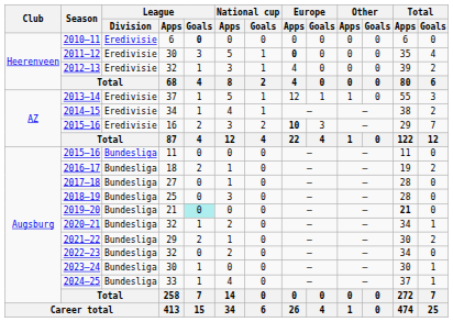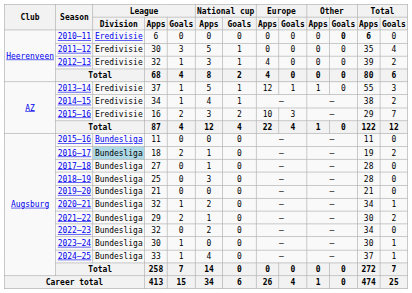 <table class="wikitable" style="text-align:center">
 <tr>
 <th rowspan="2">Club</th>
 <th rowspan="2">Season</th>
 <th colspan="3">League</th>
 <th colspan="2">National cup</th>
 <th colspan="2">Europe</th>
 <th colspan="2">Other</th>
 <th colspan="2">Total</th>
 </tr>
 <tr>
 <th>Division</th>
 <th>Apps</th>
 <th>Goals</th>
 <th>Apps</th>
 <th>Goals</th>
 <th>Apps</th>
 <th>Goals</th>
 <th>Apps</th>
 <th>Goals</th>
 <th>Apps</th>
 <th>Goals</th>
 </tr>
 <tr>
 <td rowspan="4"><a href='#'>Heerenveen</a></td>
 <td><a href='#'>2010–11</a></td>
 <td><a href='#'>Eredivisie</a></td>
 <td>6</td>
-<td><strong>0</strong></td>
 <td>0</td>
 <td>0</td>
 <td>0</td>
 <td>0</td>
 <td>0</td>
 <td>0</td>
-<td>6</td>
+<td><strong>0</strong></td>
+<td><strong>6</strong></td>
 <td>0</td>
 </tr>
 <tr>
 <td><a href='#'>2011–12</a></td>
 <td>Eredivisie</td>
 <td>30</td>
 <td>3</td>
 <td>5</td>
 <td>1</td>
-<td><strong>0</strong></td>
+<td>0</td>
 <td>0</td>
 <td>0</td>
 <td>0</td>
 <td>35</td>
 <td>4</td>
 </tr>
 <tr>
 <td><a href='#'>2012–13</a></td>
 <td>Eredivisie</td>
 <td>32</td>
 <td>1</td>
 <td>3</td>
 <td>1</td>
 <td>4</td>
 <td>0</td>
 <td>0</td>
 <td>0</td>
 <td>39</td>
 <td>2</td>
 </tr>
 <tr>
 <th colspan="2">Total</th>
 <th>68</th>
 <th>4</th>
 <th>8</th>
 <th>2</th>
 <th>4</th>
 <th>0</th>
 <th>0</th>
 <th>0</th>
 <th>80</th>
 <th>6</th>
 </tr>
 <tr>
 <td rowspan="4"><a href='#'>AZ</a></td>
 <td><a href='#'>2013–14</a></td>
 <td>Eredivisie</td>
 <td>37</td>
 <td>1</td>
 <td>5</td>
 <td>1</td>
 <td>12</td>
 <td>1</td>
 <td>1</td>
 <td>0</td>
 <td>55</td>
 <td>3</td>
 </tr>
 <tr>
 <td><a href='#'>2014–15</a></td>
 <td>Eredivisie</td>
 <td>34</td>
 <td>1</td>
 <td>4</td>
 <td>1</td>
 <td colspan="2">—</td>
 <td colspan="2">—</td>
 <td>38</td>
 <td>2</td>
 </tr>
 <tr>
 <td><a href='#'>2015–16</a></td>
 <td>Eredivisie</td>
 <td>16</td>
 <td>2</td>
 <td>3</td>
 <td>2</td>
-<td><strong>10</strong></td>
+<td>10</td>
 <td>3</td>
 <td colspan="2">—</td>
 <td>29</td>
 <td>7</td>
 </tr>
 <tr>
 <th colspan="2">Total</th>
 <th>87</th>
 <th>4</th>
 <th>12</th>
 <th>4</th>
 <th>22</th>
 <th>4</th>
 <th>1</th>
 <th>0</th>
 <th>122</th>
 <th>12</th>
 </tr>
 <tr>
 <td rowspan="11"><a href='#'>Augsburg</a></td>
 <td><a href='#'>2015–16</a></td>
 <td><a href='#'>Bundesliga</a></td>
 <td>11</td>
 <td>0</td>
 <td>0</td>
 <td>0</td>
 <td colspan="2">—</td>
 <td colspan="2">—</td>
 <td>11</td>
 <td>0</td>
 </tr>
 <tr>
 <td><a href='#'>2016–17</a></td>
-<td>Bundesliga</td>
+<td style="background: lightblue;">Bundesliga</td>
 <td>18</td>
 <td>2</td>
 <td>1</td>
 <td>0</td>
 <td colspan="2">—</td>
 <td colspan="2">—</td>
 <td>19</td>
 <td>2</td>
 </tr>
 <tr>
 <td><a href='#'>2017–18</a></td>
 <td>Bundesliga</td>
 <td>27</td>
 <td>0</td>
 <td>1</td>
 <td>0</td>
 <td colspan="2">—</td>
 <td colspan="2">—</td>
 <td>28</td>
 <td>0</td>
 </tr>
 <tr>
 <td><a href='#'>2018–19</a></td>
 <td>Bundesliga</td>
 <td>25</td>
 <td>0</td>
 <td>3</td>
 <td>0</td>
 <td colspan="2">—</td>
 <td colspan="2">—</td>
 <td>28</td>
 <td>0</td>
 </tr>
 <tr>
 <td><a href='#'>2019–20</a></td>
 <td>Bundesliga</td>
 <td>21</td>
-<td style="background: paleturquoise;">0</td>
+<td>0</td>
 <td>0</td>
 <td>0</td>
 <td colspan="2">—</td>
 <td colspan="2">—</td>
-<td><strong>21</strong></td>
+<td>21</td>
 <td>0</td>
 </tr>
 <tr>
 <td><a href='#'>2020–21</a></td>
 <td>Bundesliga</td>
 <td>32</td>
 <td>1</td>
 <td>2</td>
 <td>0</td>
 <td colspan="2">—</td>
 <td colspan="2">—</td>
 <td>34</td>
 <td>1</td>
 </tr>
 <tr>
 <td><a href='#'>2021–22</a></td>
 <td>Bundesliga</td>
 <td>29</td>
 <td>2</td>
 <td>1</td>
 <td>0</td>
 <td colspan="2">—</td>
 <td colspan="2">—</td>
 <td>30</td>
 <td>2</td>
 </tr>
 <tr>
 <td><a href='#'>2022–23</a></td>
 <td>Bundesliga</td>
 <td>32</td>
 <td>0</td>
 <td>2</td>
 <td>0</td>
 <td colspan="2">—</td>
 <td colspan="2">—</td>
 <td>34</td>
 <td>0</td>
 </tr>
 <tr>
 <td><a href='#'>2023–24</a></td>
 <td>Bundesliga</td>
 <td>30</td>
 <td>1</td>
 <td>0</td>
 <td>0</td>
 <td colspan="2">—</td>
 <td colspan="2">—</td>
 <td>30</td>
 <td>1</td>
 </tr>
 <tr>
 <td><a href='#'>2024–25</a></td>
 <td>Bundesliga</td>
 <td>33</td>
 <td>1</td>
 <td>4</td>
 <td>0</td>
 <td colspan="2">—</td>
 <td colspan="2">—</td>
 <td>37</td>
 <td>1</td>
 </tr>
 <tr>
 <th colspan="2">Total</th>
 <th>258</th>
 <th>7</th>
 <th>14</th>
 <th>0</th>
 <th>0</th>
 <th>0</th>
 <th>0</th>
 <th>0</th>
 <th>272</th>
 <th>7</th>
 </tr>
 <tr>
 <th colspan="3">Career total</th>
 <th>413</th>
 <th>15</th>
 <th>34</th>
 <th>6</th>
 <th>26</th>
 <th>4</th>
 <th>1</th>
 <th>0</th>
 <th>474</th>
 <th>25</th>
 </tr>
 </table>
